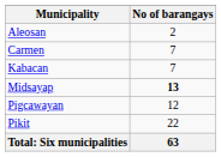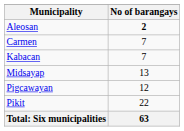 <table class="wikitable sortable" style="text-align:center;">
 <tr>
 </tr>
 <tr>
 <th>Municipality</th>
 <th>No of barangays</th>
 </tr>
 <tr>
 <td align=left><a href='#'>Aleosan</a></td>
-<td>2</td>
+<td><strong>2</strong></td>
 </tr>
 <tr>
 <td align=left><a href='#'>Carmen</a></td>
 <td>7</td>
 </tr>
 <tr>
 <td align=left><a href='#'>Kabacan</a></td>
 <td>7</td>
 </tr>
 <tr>
 <td align=left><a href='#'>Midsayap</a></td>
-<td><strong>13</strong></td>
+<td>13</td>
 </tr>
 <tr>
 <td align=left><a href='#'>Pigcawayan</a></td>
 <td>12</td>
 </tr>
 <tr>
 <td align=left><a href='#'>Pikit</a></td>
 <td>22</td>
 </tr>
 <tr>
 <th>Total: Six municipalities</th>
 <th>63</th>
 </tr>
 </table>
